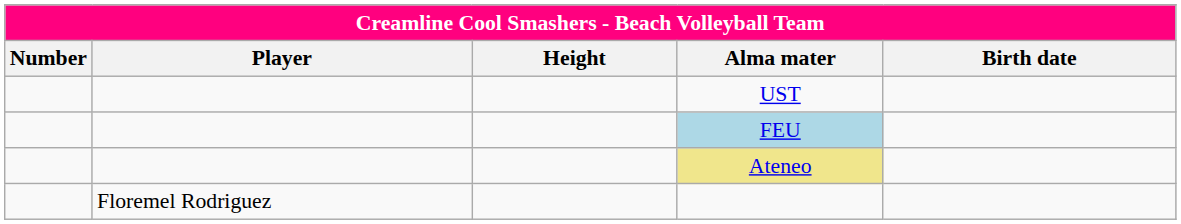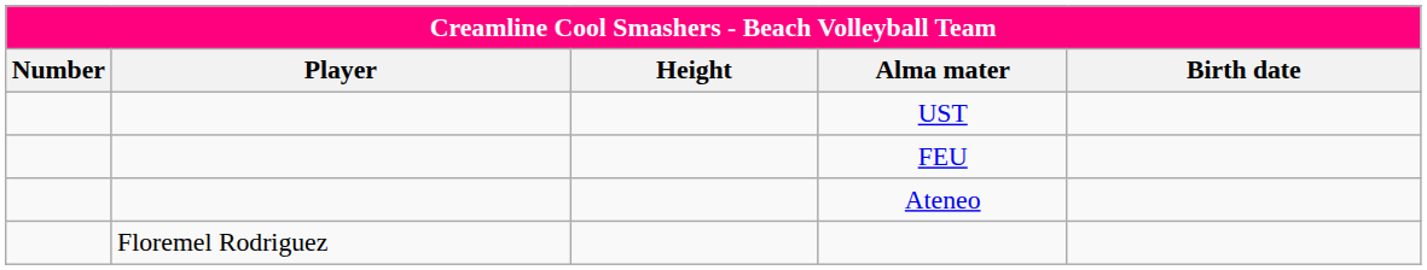 <table class="wikitable sortable" style="font-size:95%; text-align:left;">
 <tr>
 <th colspan="6" style= "background:#FF007F; color:white; text-align: center"><strong>Creamline Cool Smashers - Beach Volleyball Team</strong></th>
 </tr>
 <tr style="background:#FFFFFF;">
 <th style= "align=center; width:1em;">Number</th>
 <th style= "align=center;width:17em;">Player</th>
 <th style= "align=center; width:9em;">Height</th>
 <th style= "align=center; width:9em;">Alma mater</th>
 <th style= "align=center; width:13em;">Birth date</th>
 </tr>
 <tr align=center>
 <td></td>
 <td align=left></td>
 <td></td>
 <td><a href='#'>UST</a></td>
 <td align=right></td>
 </tr>
 <tr align=center>
 <td></td>
 <td align=left></td>
 <td></td>
-<td style="background: lightblue;"><a href='#'>FEU</a></td>
+<td><a href='#'>FEU</a></td>
 <td align=right></td>
 </tr>
 <tr align=center>
 <td></td>
 <td align=left></td>
 <td></td>
-<td style="background: khaki;"><a href='#'>Ateneo</a></td>
+<td><a href='#'>Ateneo</a></td>
 <td align=right></td>
 </tr>
 <tr align=center>
 <td></td>
 <td align=left>Floremel Rodriguez</td>
 <td></td>
 <td></td>
 <td></td>
 </tr>
 </table>
